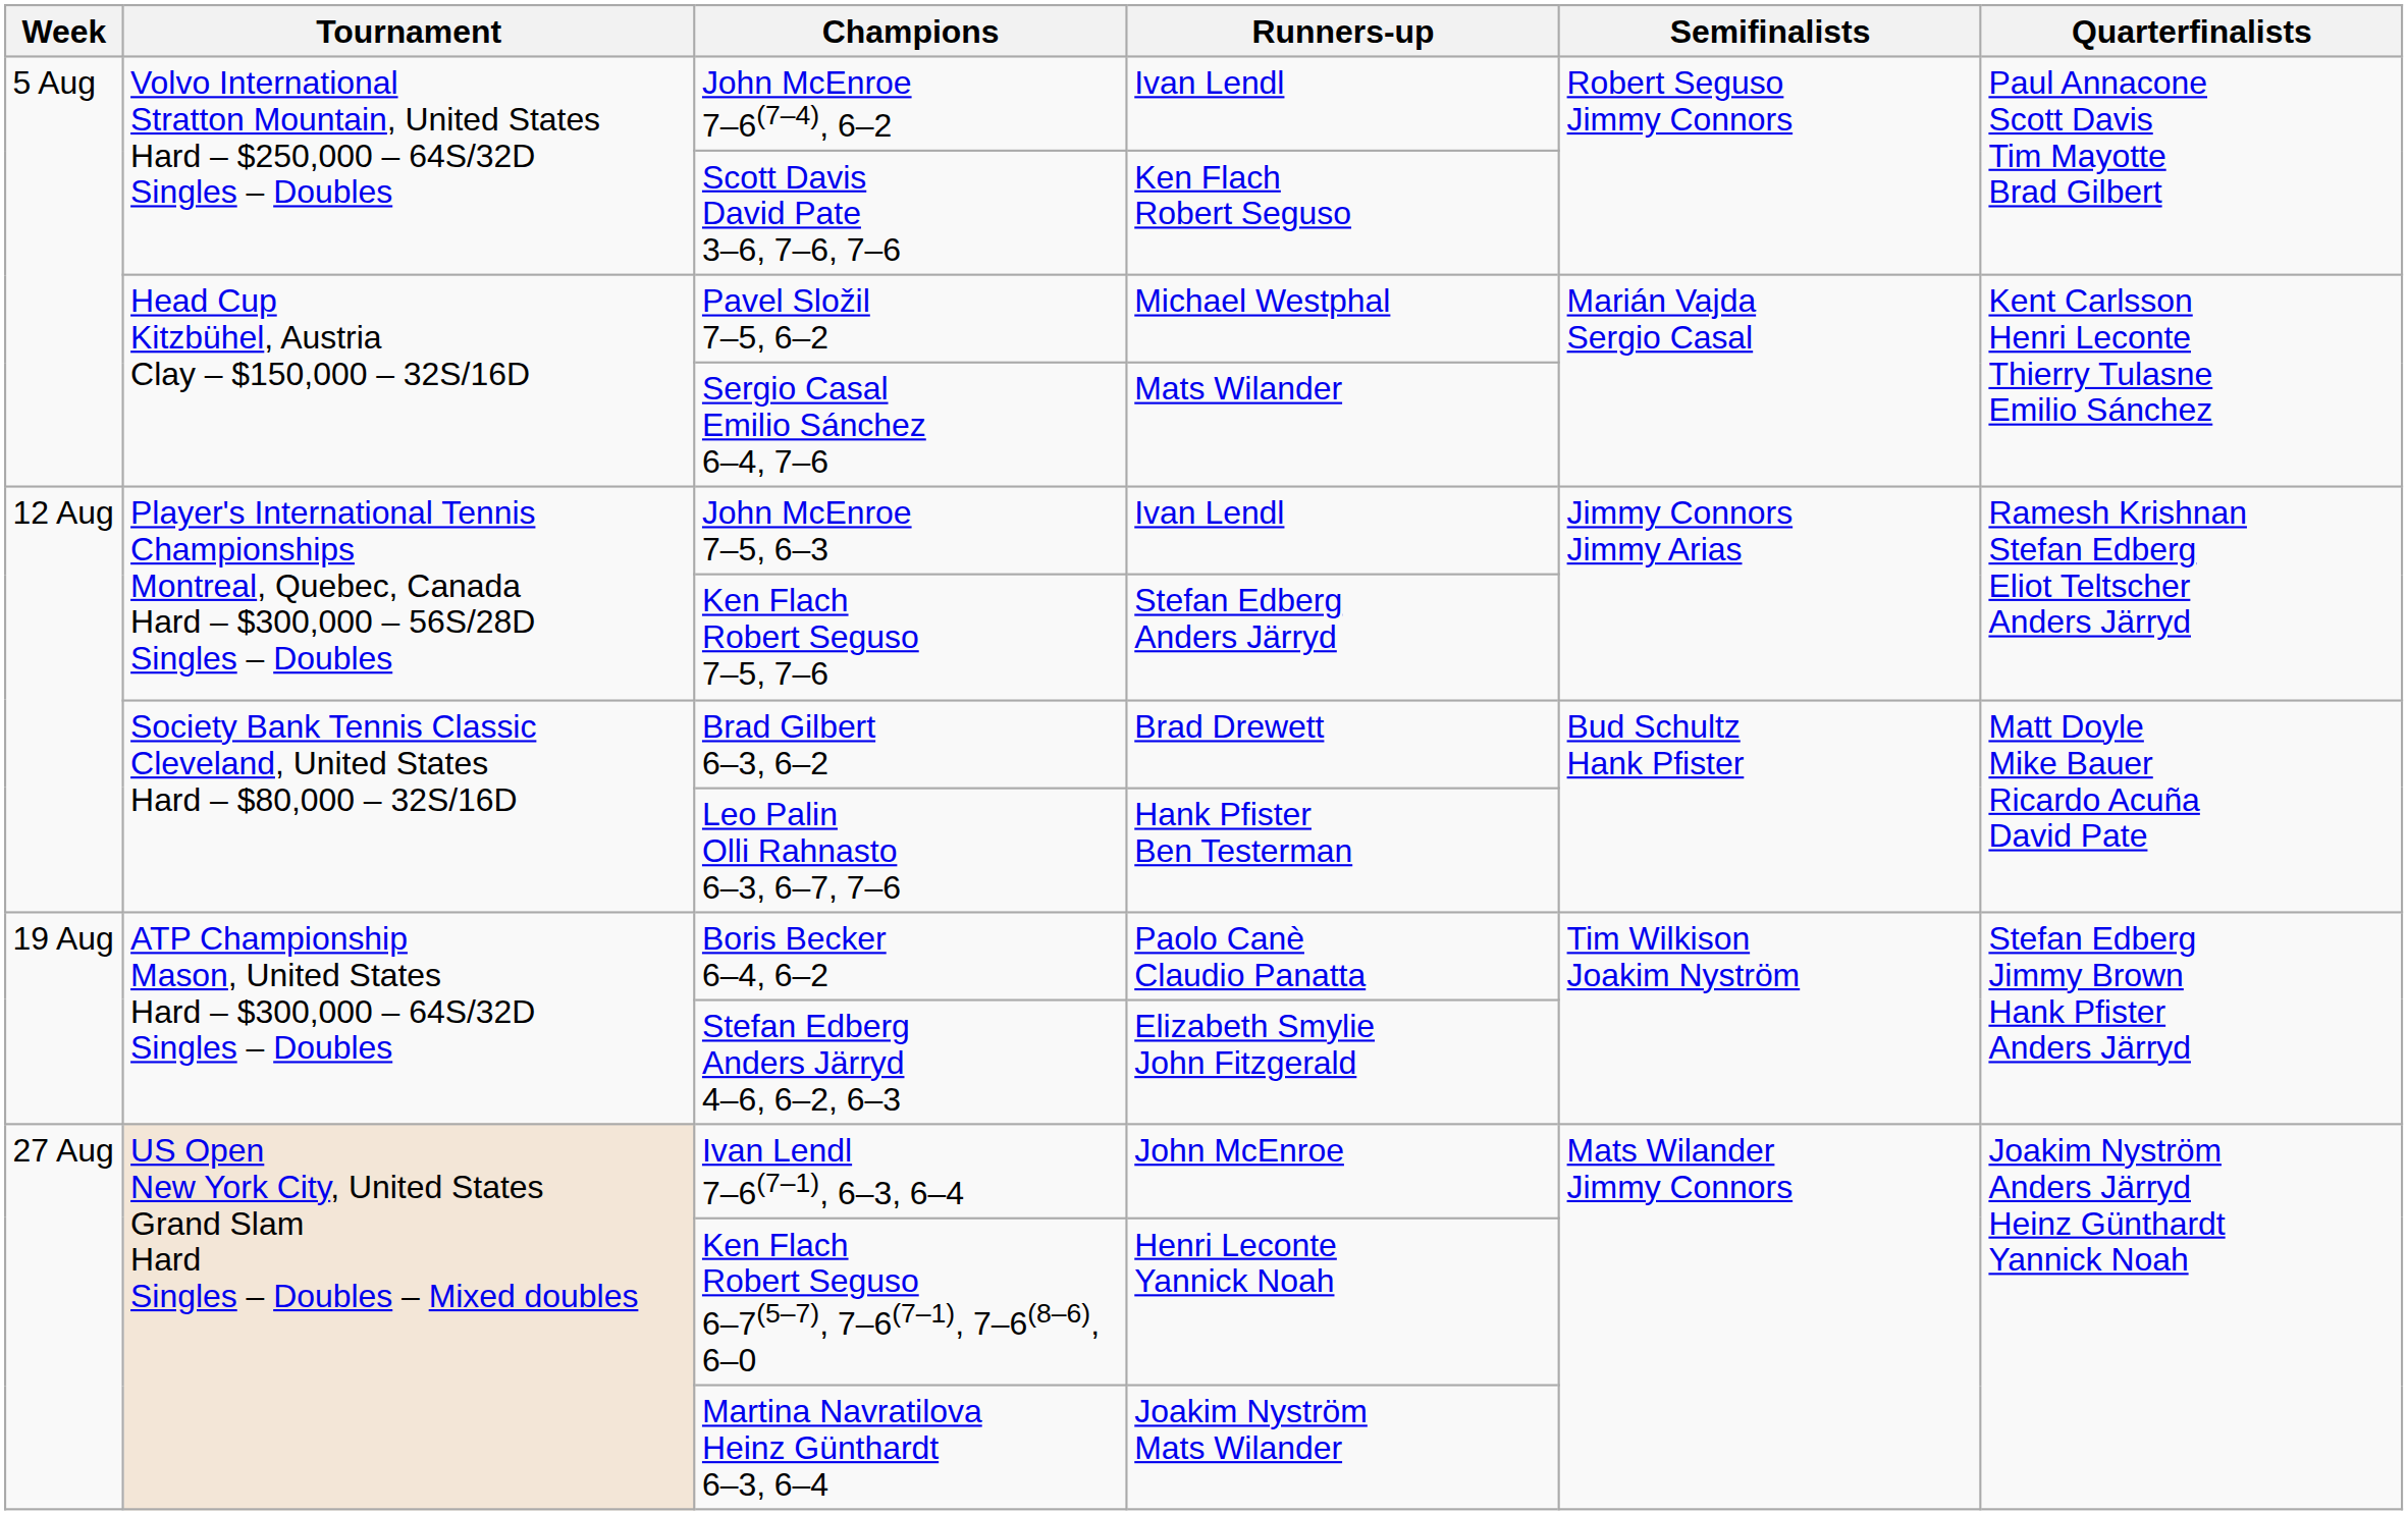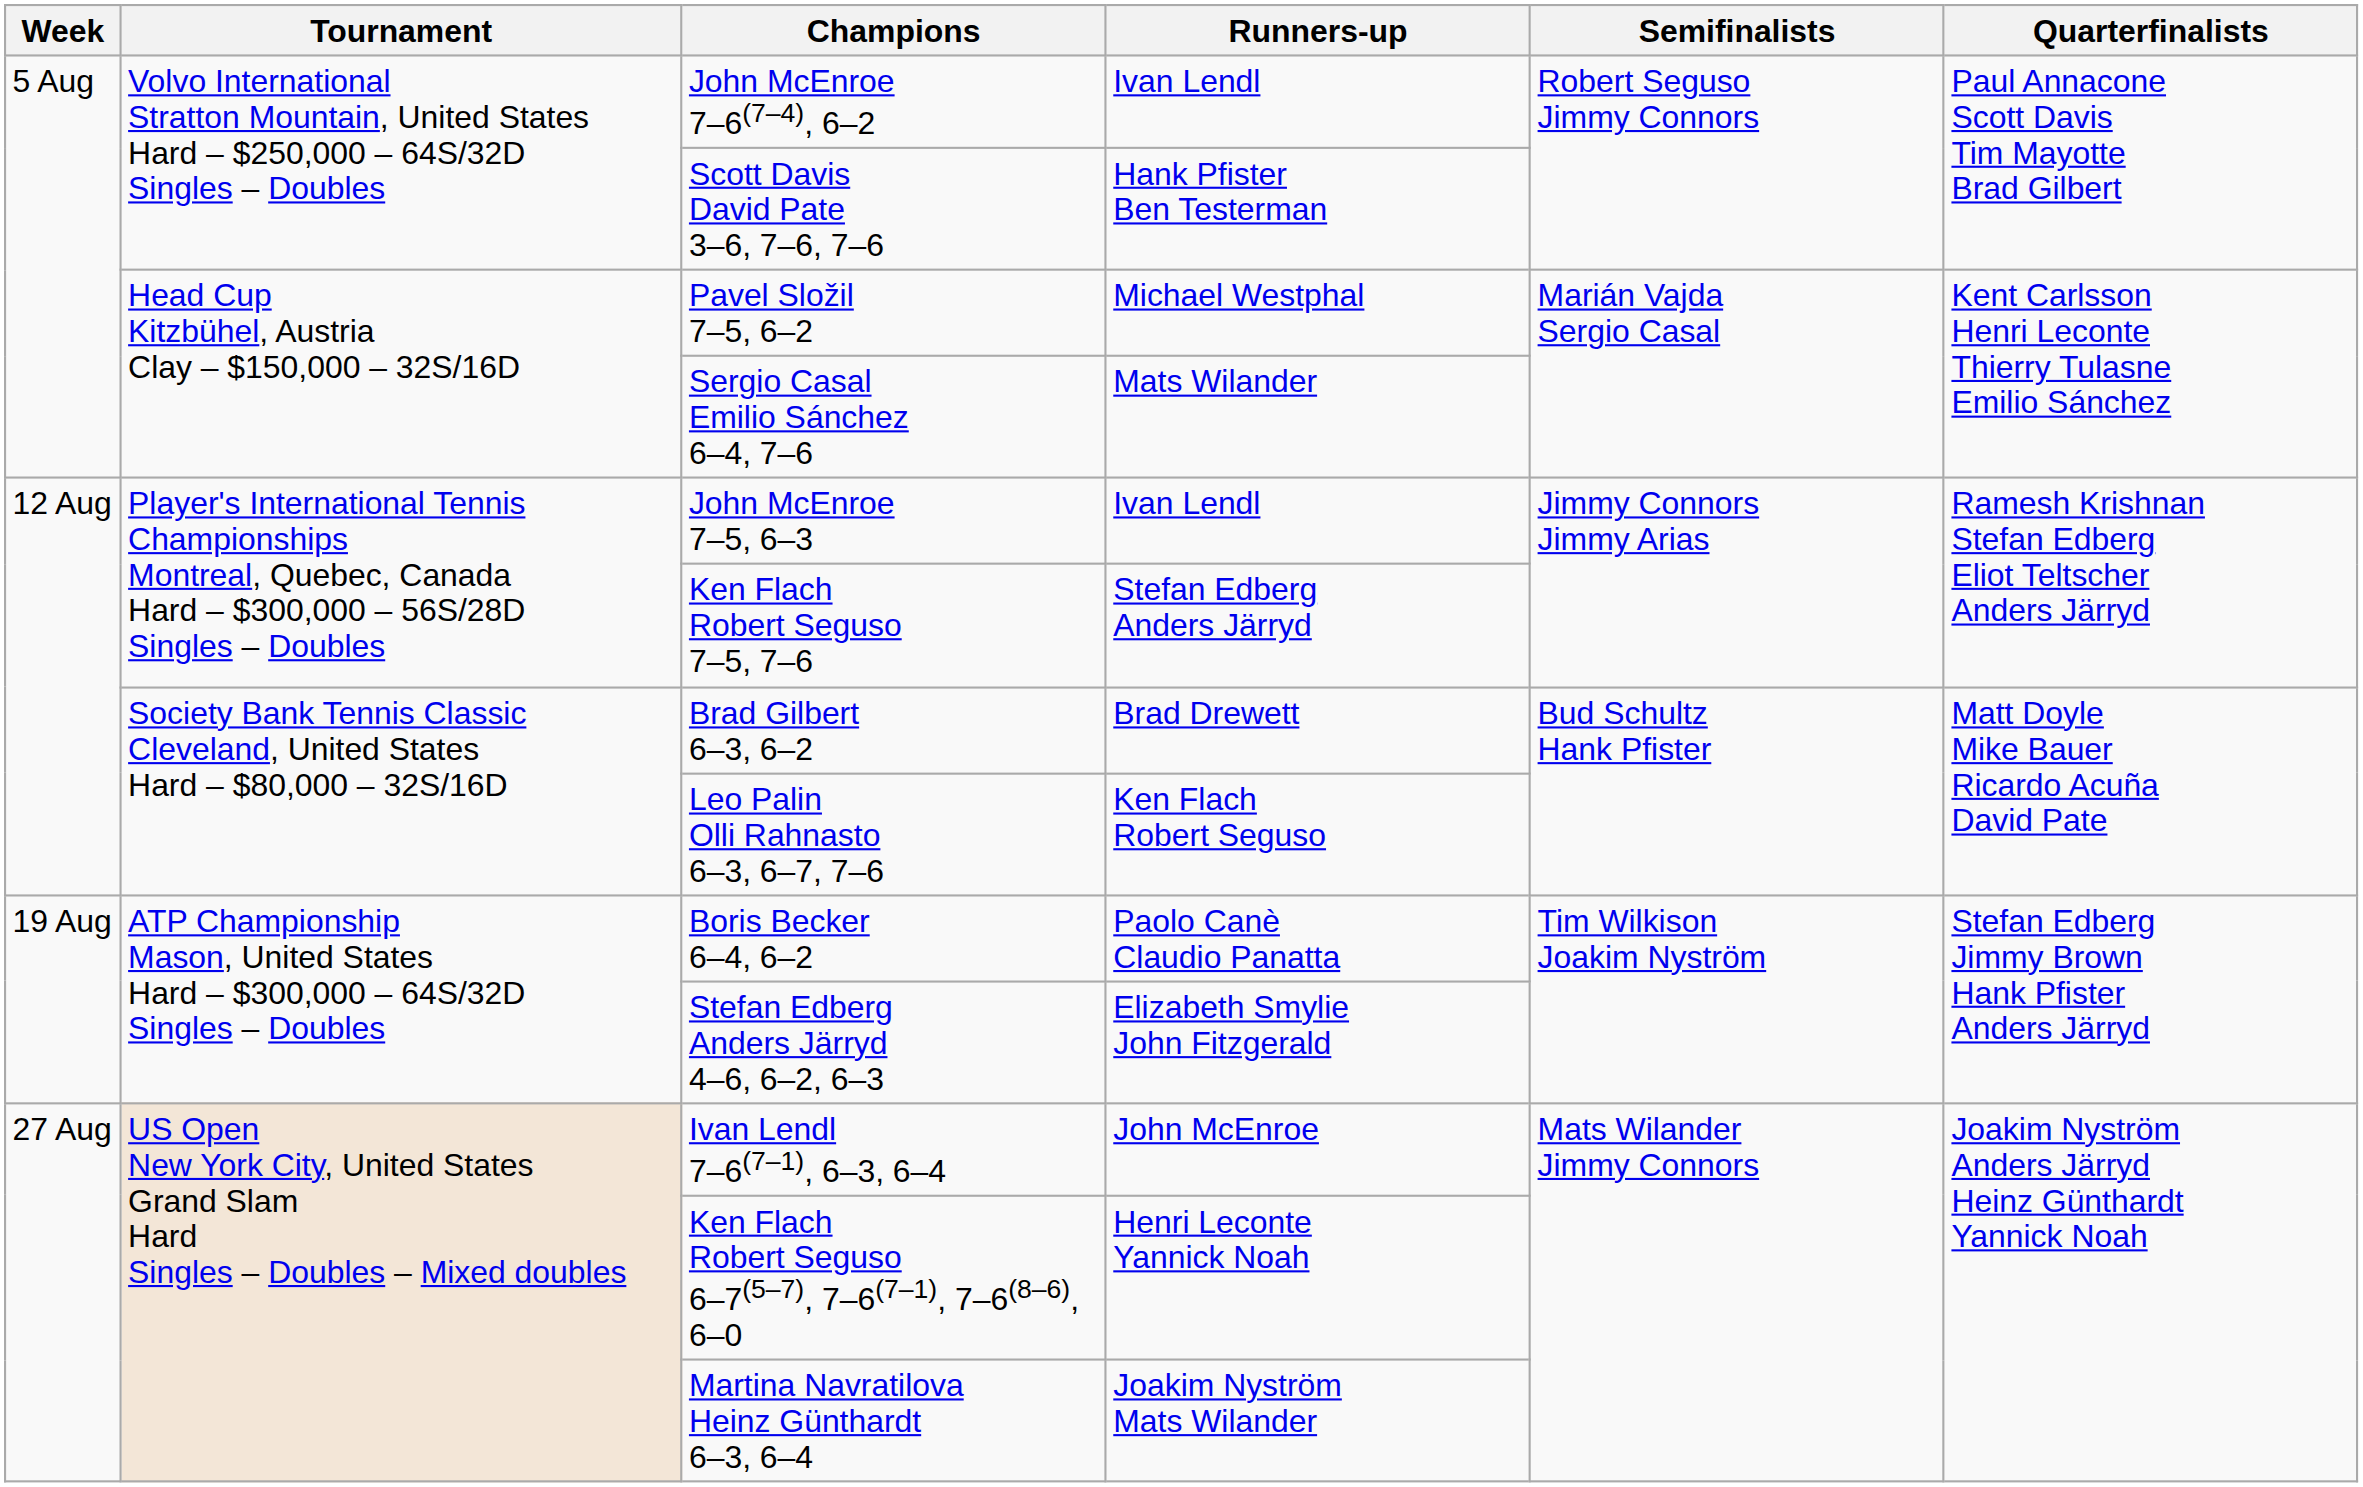 <table class=wikitable style=font-size:95%>
 <tr>
 <th style="width:48px;">Week</th>
 <th style="width:260px;">Tournament</th>
 <th style="width:195px;">Champions</th>
 <th style="width:195px;">Runners-up</th>
 <th style="width:190px;">Semifinalists</th>
 <th style="width:190px;">Quarterfinalists</th>
 </tr>
 <tr valign=top>
 <td rowspan=4>5 Aug</td>
 <td rowspan="2"><a href='#'>Volvo International</a><br> <a href='#'>Stratton Mountain</a>, United States<br>Hard – $250,000 – 64S/32D<br><a href='#'>Singles</a> – <a href='#'>Doubles</a></td>
 <td> <a href='#'>John McEnroe</a><br>7–6<sup>(7–4)</sup>, 6–2</td>
 <td> <a href='#'>Ivan Lendl</a></td>
 <td rowspan=2> <a href='#'>Robert Seguso</a><br> <a href='#'>Jimmy Connors</a></td>
 <td rowspan=2> <a href='#'>Paul Annacone</a><br> <a href='#'>Scott Davis</a><br> <a href='#'>Tim Mayotte</a><br> <a href='#'>Brad Gilbert</a></td>
 </tr>
 <tr valign=top>
 <td> <a href='#'>Scott Davis</a><br> <a href='#'>David Pate</a><br>3–6, 7–6, 7–6</td>
-<td> <a href='#'>Ken Flach</a><br> <a href='#'>Robert Seguso</a></td>
+<td> <a href='#'>Hank Pfister</a> <br>  <a href='#'>Ben Testerman</a></td>
 </tr>
 <tr valign=top>
 <td rowspan="2"><a href='#'>Head Cup</a><br> <a href='#'>Kitzbühel</a>, Austria<br>Clay – $150,000 – 32S/16D</td>
 <td> <a href='#'>Pavel Složil</a><br>7–5, 6–2</td>
 <td> <a href='#'>Michael Westphal</a></td>
 <td rowspan=2> <a href='#'>Marián Vajda</a><br> <a href='#'>Sergio Casal</a></td>
 <td rowspan=2> <a href='#'>Kent Carlsson</a><br> <a href='#'>Henri Leconte</a><br> <a href='#'>Thierry Tulasne</a><br> <a href='#'>Emilio Sánchez</a></td>
 </tr>
 <tr valign=top>
 <td> <a href='#'>Sergio Casal</a><br> <a href='#'>Emilio Sánchez</a><br>6–4, 7–6</td>
 <td> <a href='#'>Mats Wilander</a></td>
 </tr>
 <tr valign=top>
 <td rowspan=4>12 Aug</td>
 <td rowspan="2"><a href='#'>Player's International Tennis Championships</a><br> <a href='#'>Montreal</a>, Quebec, Canada<br>Hard – $300,000 – 56S/28D <br> <a href='#'>Singles</a> – <a href='#'>Doubles</a></td>
 <td> <a href='#'>John McEnroe</a><br>7–5, 6–3</td>
 <td> <a href='#'>Ivan Lendl</a></td>
 <td rowspan=2> <a href='#'>Jimmy Connors</a> <br>  <a href='#'>Jimmy Arias</a></td>
 <td rowspan=2> <a href='#'>Ramesh Krishnan</a> <br>  <a href='#'>Stefan Edberg</a> <br>  <a href='#'>Eliot Teltscher</a> <br>  <a href='#'>Anders Järryd</a></td>
 </tr>
 <tr valign=top>
 <td> <a href='#'>Ken Flach</a><br> <a href='#'>Robert Seguso</a><br>7–5, 7–6</td>
 <td> <a href='#'>Stefan Edberg</a><br> <a href='#'>Anders Järryd</a></td>
 </tr>
 <tr valign=top>
 <td rowspan="2"><a href='#'>Society Bank Tennis Classic</a><br> <a href='#'>Cleveland</a>, United States<br>Hard – $80,000 – 32S/16D</td>
 <td> <a href='#'>Brad Gilbert</a> <br> 6–3, 6–2</td>
 <td> <a href='#'>Brad Drewett</a></td>
 <td rowspan=2> <a href='#'>Bud Schultz</a> <br>  <a href='#'>Hank Pfister</a></td>
 <td rowspan=2> <a href='#'>Matt Doyle</a> <br>  <a href='#'>Mike Bauer</a> <br>  <a href='#'>Ricardo Acuña</a> <br>  <a href='#'>David Pate</a></td>
 </tr>
 <tr valign=top>
 <td> <a href='#'>Leo Palin</a> <br>  <a href='#'>Olli Rahnasto</a> <br> 6–3, 6–7, 7–6</td>
-<td> <a href='#'>Hank Pfister</a> <br>  <a href='#'>Ben Testerman</a></td>
+<td> <a href='#'>Ken Flach</a><br> <a href='#'>Robert Seguso</a></td>
 </tr>
 <tr valign=top>
 <td rowspan="2">19 Aug</td>
 <td rowspan="2"><a href='#'>ATP Championship</a><br> <a href='#'>Mason</a>, United States<br>Hard – $300,000 – 64S/32D <br> <a href='#'>Singles</a> – <a href='#'>Doubles</a></td>
 <td> <a href='#'>Boris Becker</a><br>6–4, 6–2</td>
 <td> <a href='#'>Paolo Canè</a><br> <a href='#'>Claudio Panatta</a></td>
 <td rowspan=2> <a href='#'>Tim Wilkison</a> <br>  <a href='#'>Joakim Nyström</a></td>
 <td rowspan=2> <a href='#'>Stefan Edberg</a> <br>  <a href='#'>Jimmy Brown</a> <br>  <a href='#'>Hank Pfister</a> <br>  <a href='#'>Anders Järryd</a></td>
 </tr>
 <tr valign=top>
 <td> <a href='#'>Stefan Edberg</a><br> <a href='#'>Anders Järryd</a><br> 4–6, 6–2, 6–3</td>
 <td> <a href='#'>Elizabeth Smylie</a><br> <a href='#'>John Fitzgerald</a></td>
 </tr>
 <tr valign=top>
 <td rowspan=3>27 Aug</td>
 <td style="background:#F3E6D7;" rowspan="3"><a href='#'>US Open</a><br> <a href='#'>New York City</a>, United States<br>Grand Slam<br>Hard<br><a href='#'>Singles</a> – <a href='#'>Doubles</a> – <a href='#'>Mixed doubles</a></td>
 <td> <a href='#'>Ivan Lendl</a><br>7–6<sup>(7–1)</sup>, 6–3, 6–4</td>
 <td> <a href='#'>John McEnroe</a></td>
 <td rowspan=3> <a href='#'>Mats Wilander</a><br> <a href='#'>Jimmy Connors</a></td>
 <td rowspan=3> <a href='#'>Joakim Nyström</a><br> <a href='#'>Anders Järryd</a><br> <a href='#'>Heinz Günthardt</a><br> <a href='#'>Yannick Noah</a></td>
 </tr>
 <tr valign=top>
 <td> <a href='#'>Ken Flach</a><br> <a href='#'>Robert Seguso</a><br>6–7<sup>(5–7)</sup>, 7–6<sup>(7–1)</sup>, 7–6<sup>(8–6)</sup>, 6–0</td>
 <td> <a href='#'>Henri Leconte</a><br> <a href='#'>Yannick Noah</a></td>
 </tr>
 <tr valign=top>
 <td> <a href='#'>Martina Navratilova</a><br> <a href='#'>Heinz Günthardt</a><br>6–3, 6–4</td>
 <td> <a href='#'>Joakim Nyström</a><br> <a href='#'>Mats Wilander</a></td>
 </tr>
 </table>
